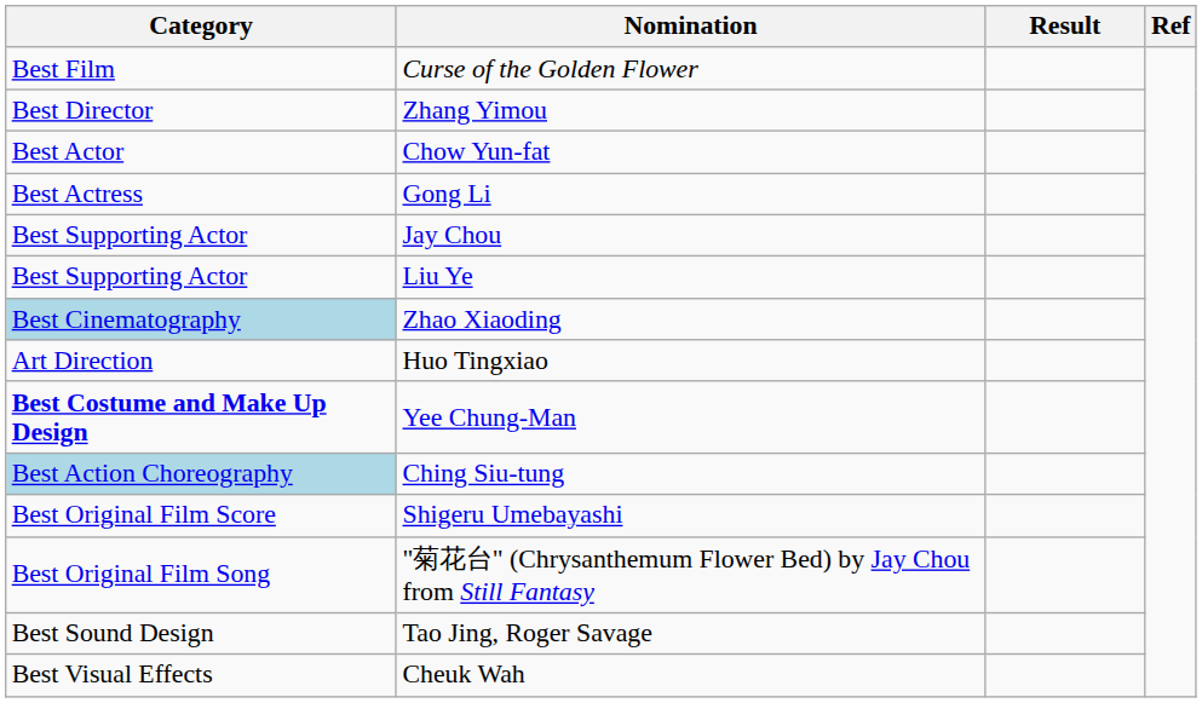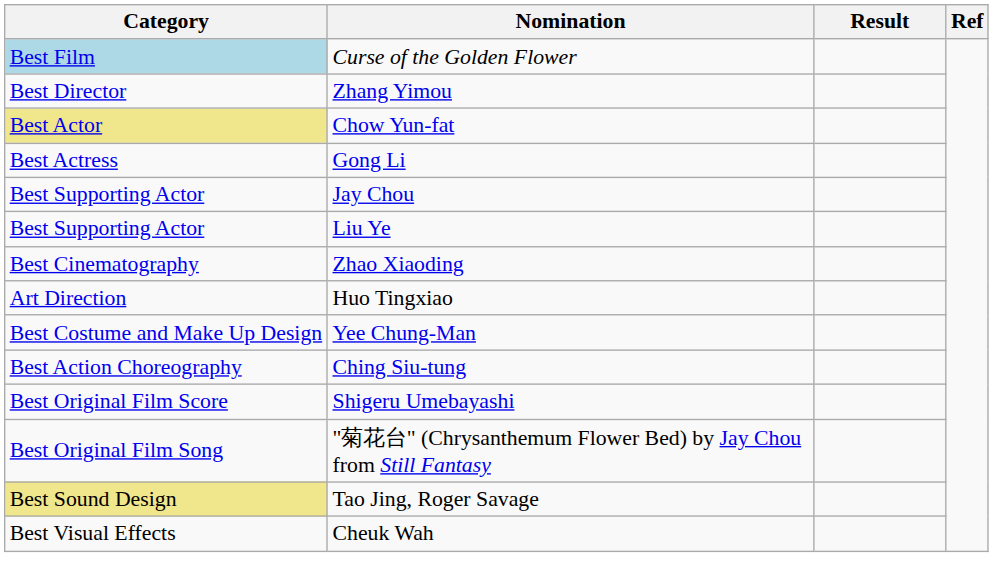 <table class="wikitable">
 <tr>
 <th width="230">Category</th>
 <th width="350">Nomination</th>
 <th width="90">Result</th>
 <th>Ref</th>
 </tr>
 <tr>
-<td><a href='#'>Best Film</a></td>
+<td style="background: lightblue;"><a href='#'>Best Film</a></td>
 <td><em>Curse of the Golden Flower</em></td>
 <td></td>
 <td rowspan=14 align="center"></td>
 </tr>
 <tr>
 <td><a href='#'>Best Director</a></td>
 <td><a href='#'>Zhang Yimou</a></td>
 <td></td>
 </tr>
 <tr>
-<td><a href='#'>Best Actor</a></td>
+<td style="background: khaki;"><a href='#'>Best Actor</a></td>
 <td><a href='#'>Chow Yun-fat</a></td>
 <td></td>
 </tr>
 <tr>
 <td><a href='#'>Best Actress</a></td>
 <td><a href='#'>Gong Li</a></td>
 <td></td>
 </tr>
 <tr>
 <td><a href='#'>Best Supporting Actor</a></td>
 <td><a href='#'>Jay Chou</a></td>
 <td></td>
 </tr>
 <tr>
 <td><a href='#'>Best Supporting Actor</a></td>
 <td><a href='#'>Liu Ye</a></td>
 <td></td>
 </tr>
 <tr>
-<td style="background: lightblue;"><a href='#'>Best Cinematography</a></td>
+<td><a href='#'>Best Cinematography</a></td>
 <td><a href='#'>Zhao Xiaoding</a></td>
 <td></td>
 </tr>
 <tr>
 <td><a href='#'>Art Direction</a></td>
 <td>Huo Tingxiao</td>
 <td></td>
 </tr>
 <tr>
-<td><strong><a href='#'>Best Costume and Make Up Design</a></strong></td>
+<td><a href='#'>Best Costume and Make Up Design</a></td>
 <td><a href='#'>Yee Chung-Man</a></td>
 <td></td>
 </tr>
 <tr>
-<td style="background: lightblue;"><a href='#'>Best Action Choreography</a></td>
+<td><a href='#'>Best Action Choreography</a></td>
 <td><a href='#'>Ching Siu-tung</a></td>
 <td></td>
 </tr>
 <tr>
 <td><a href='#'>Best Original Film Score</a></td>
 <td><a href='#'>Shigeru Umebayashi</a></td>
 <td></td>
 </tr>
 <tr>
 <td><a href='#'>Best Original Film Song</a></td>
 <td>"菊花台" (Chrysanthemum Flower Bed) by <a href='#'>Jay Chou</a><br>from <em><a href='#'>Still Fantasy</a></em></td>
 <td></td>
 </tr>
 <tr>
-<td>Best Sound Design</td>
+<td style="background: khaki;">Best Sound Design</td>
 <td>Tao Jing, Roger Savage</td>
 <td></td>
 </tr>
 <tr>
 <td>Best Visual Effects</td>
 <td>Cheuk Wah</td>
 <td></td>
 </tr>
 </table>
